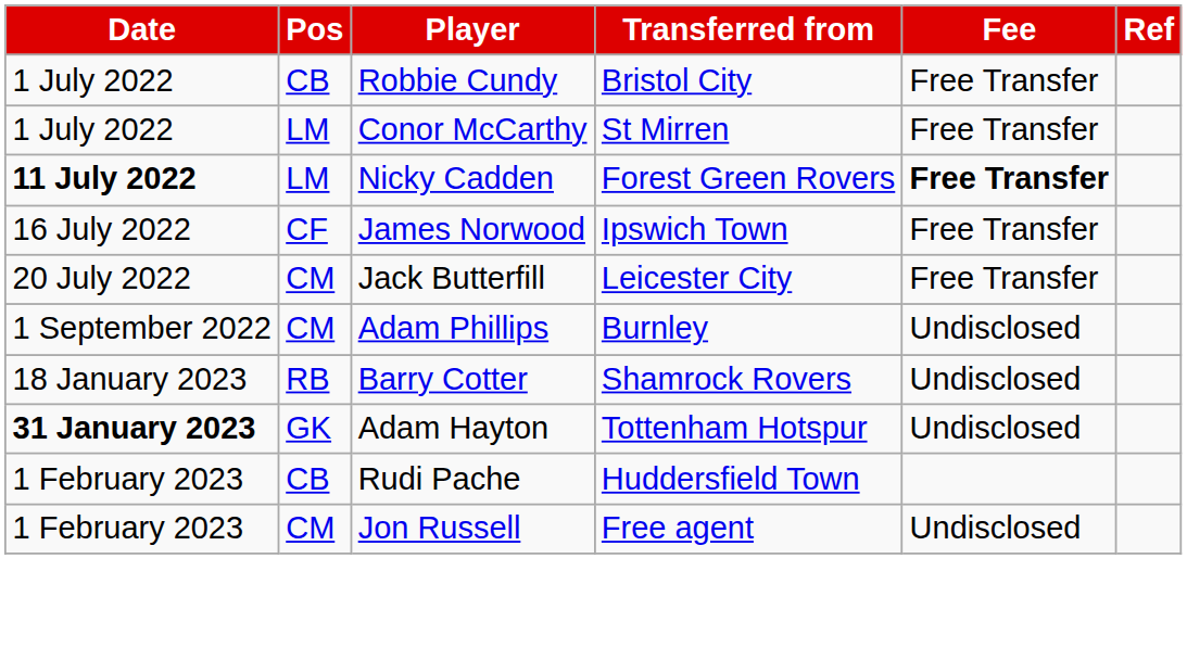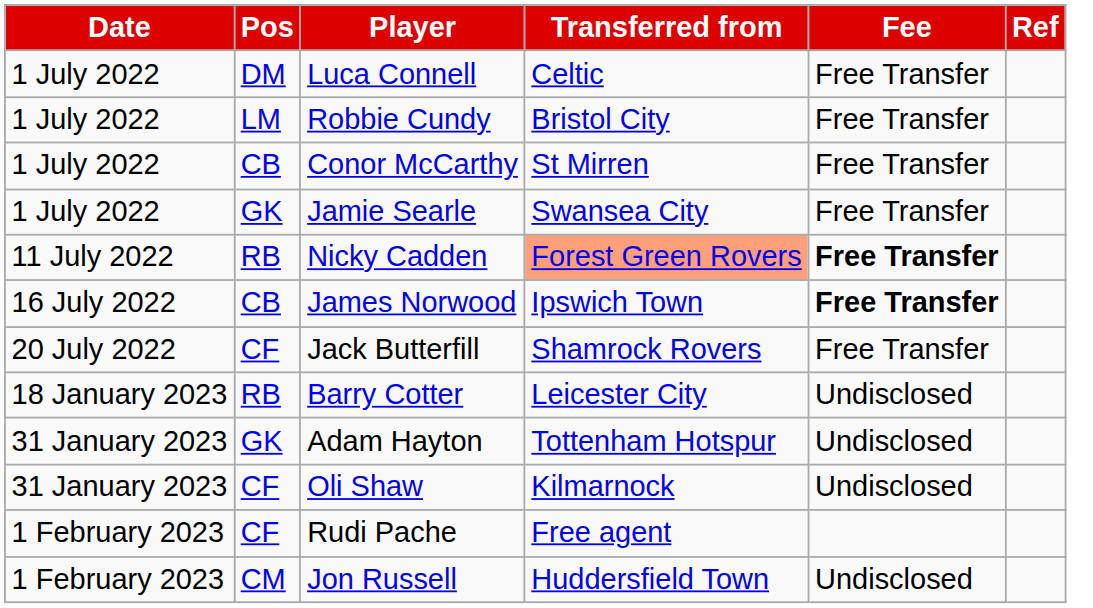 <table class="wikitable plainrowheaders sortable">
 <tr>
 <th style="background:#dd0000; color:#ffffff; ">Date</th>
 <th style="background:#dd0000; color:#ffffff; ">Pos</th>
 <th style="background:#dd0000; color:#ffffff; ">Player</th>
 <th style="background:#dd0000; color:#ffffff; ">Transferred from</th>
 <th style="background:#dd0000; color:#ffffff; ">Fee</th>
 <th style="background:#dd0000; color:#ffffff; ">Ref</th>
 </tr>
 <tr>
 <td>1 July 2022</td>
-<td><a href='#'>CB</a></td>
+<td><a href='#'>DM</a></td>
+<td> <a href='#'>Luca Connell</a></td>
+<td> <a href='#'>Celtic</a></td>
+<td>Free Transfer</td>
+<td></td>
+</tr>
+<tr>
+<td>1 July 2022</td>
+<td><a href='#'>LM</a></td>
 <td> <a href='#'>Robbie Cundy</a></td>
 <td> <a href='#'>Bristol City</a></td>
 <td>Free Transfer</td>
 <td></td>
 </tr>
 <tr>
 <td>1 July 2022</td>
-<td><a href='#'>LM</a></td>
+<td><a href='#'>CB</a></td>
 <td> <a href='#'>Conor McCarthy</a></td>
 <td> <a href='#'>St Mirren</a></td>
 <td>Free Transfer</td>
 <td></td>
 </tr>
 <tr>
-<td><strong>11 July 2022</strong></td>
-<td><a href='#'>LM</a></td>
+<td>1 July 2022</td>
+<td><a href='#'>GK</a></td>
+<td> <a href='#'>Jamie Searle</a></td>
+<td> <a href='#'>Swansea City</a></td>
+<td>Free Transfer</td>
+<td></td>
+</tr>
+<tr>
+<td>11 July 2022</td>
+<td><a href='#'>RB</a></td>
 <td> <a href='#'>Nicky Cadden</a></td>
-<td> <a href='#'>Forest Green Rovers</a></td>
+<td style="background: lightsalmon;"> <a href='#'>Forest Green Rovers</a></td>
 <td><strong>Free Transfer</strong></td>
 <td></td>
 </tr>
 <tr>
 <td>16 July 2022</td>
-<td><a href='#'>CF</a></td>
+<td><a href='#'>CB</a></td>
 <td> <a href='#'>James Norwood</a></td>
 <td> <a href='#'>Ipswich Town</a></td>
-<td>Free Transfer</td>
+<td><strong>Free Transfer</strong></td>
 <td></td>
 </tr>
 <tr>
 <td>20 July 2022</td>
-<td><a href='#'>CM</a></td>
+<td><a href='#'>CF</a></td>
 <td> Jack Butterfill</td>
-<td> <a href='#'>Leicester City</a></td>
+<td> <a href='#'>Shamrock Rovers</a></td>
 <td>Free Transfer</td>
-<td></td>
-</tr>
-<tr>
-<td>1 September 2022</td>
-<td><a href='#'>CM</a></td>
-<td> <a href='#'>Adam Phillips</a></td>
-<td> <a href='#'>Burnley</a></td>
-<td>Undisclosed</td>
 <td></td>
 </tr>
 <tr>
 <td>18 January 2023</td>
 <td><a href='#'>RB</a></td>
 <td> <a href='#'>Barry Cotter</a></td>
-<td> <a href='#'>Shamrock Rovers</a></td>
+<td> <a href='#'>Leicester City</a></td>
 <td>Undisclosed</td>
 <td></td>
 </tr>
 <tr>
-<td><strong>31 January 2023</strong></td>
+<td>31 January 2023</td>
 <td><a href='#'>GK</a></td>
 <td> Adam Hayton</td>
 <td> <a href='#'>Tottenham Hotspur</a></td>
 <td>Undisclosed</td>
 <td></td>
 </tr>
 <tr>
+<td>31 January 2023</td>
+<td><a href='#'>CF</a></td>
+<td> <a href='#'>Oli Shaw</a></td>
+<td> <a href='#'>Kilmarnock</a></td>
+<td>Undisclosed</td>
+<td></td>
+</tr>
+<tr>
 <td>1 February 2023</td>
-<td><a href='#'>CB</a></td>
+<td><a href='#'>CF</a></td>
 <td> Rudi Pache</td>
-<td> <a href='#'>Huddersfield Town</a></td>
+<td> <a href='#'>Free agent</a></td>
 <td></td>
 <td></td>
 </tr>
 <tr>
 <td>1 February 2023</td>
 <td><a href='#'>CM</a></td>
 <td> <a href='#'>Jon Russell</a></td>
-<td> <a href='#'>Free agent</a></td>
+<td> <a href='#'>Huddersfield Town</a></td>
 <td>Undisclosed</td>
 <td></td>
 </tr>
 </table>
